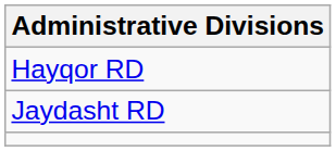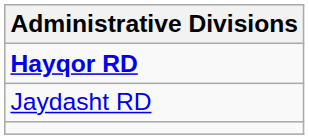 <table class="wikitable">
 <tr>
 <th>Administrative Divisions</th>
 </tr>
 <tr>
-<td><a href='#'>Hayqor RD</a></td>
+<td><strong><a href='#'>Hayqor RD</a></strong></td>
 </tr>
 <tr>
 <td><a href='#'>Jaydasht RD</a></td>
 </tr>
 <tr>
 <td colspan=1></td>
 </tr>
 </table>
